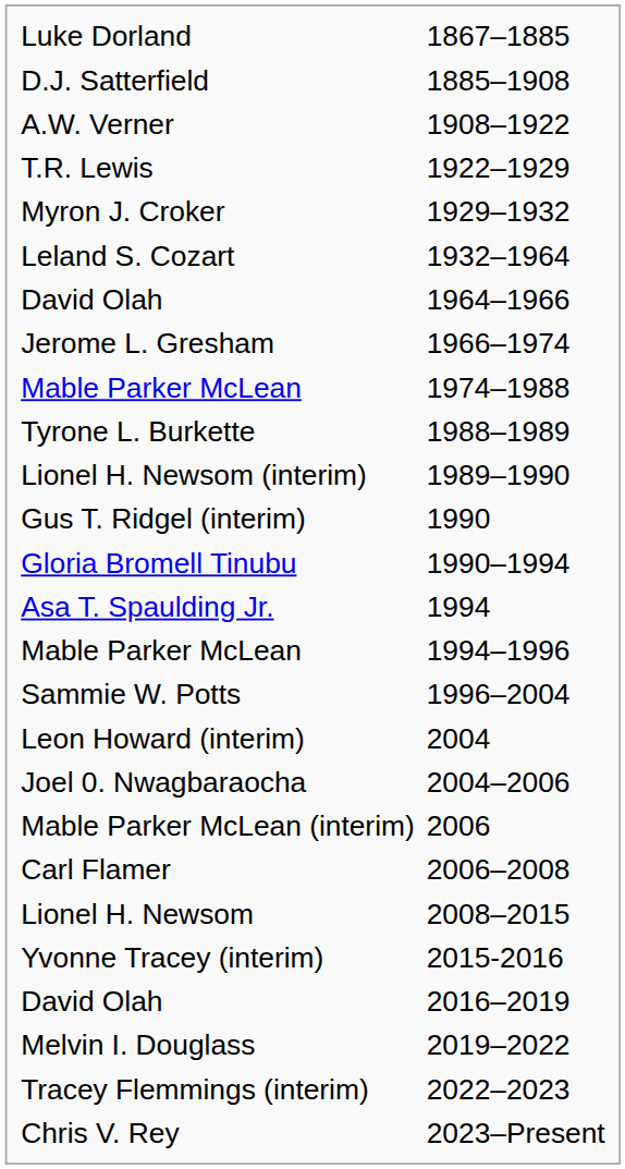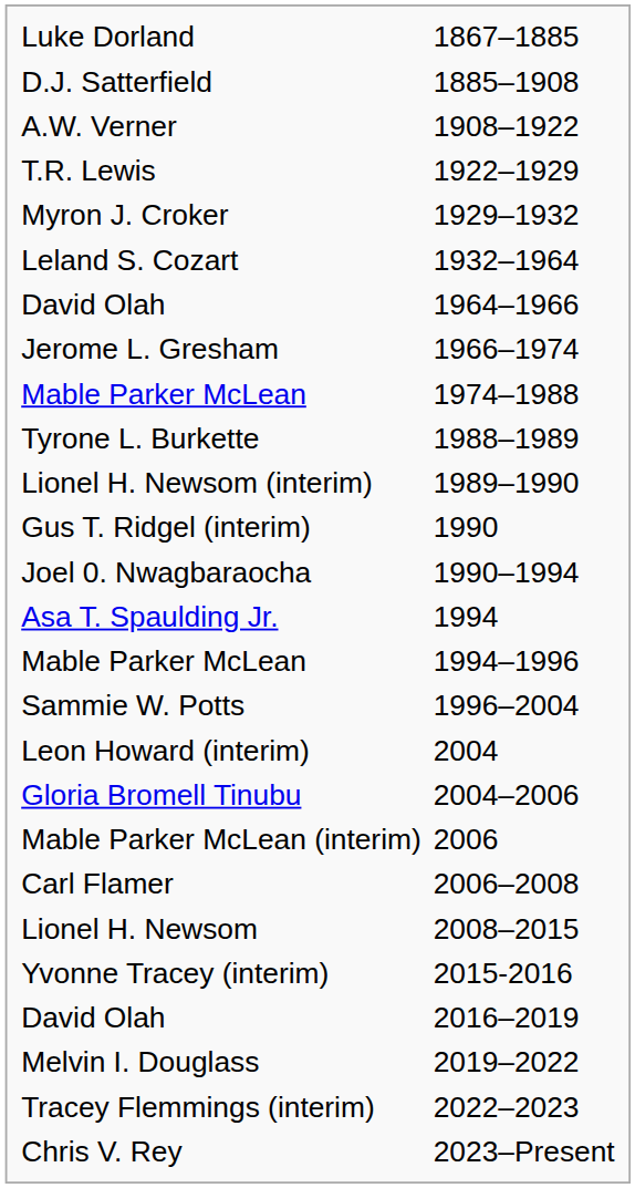 <table class="infobox" cellpadding="2" cellspacing="2" style="font-size: 90%;">
 <tr>
 <td>Luke Dorland</td>
 <td>1867–1885</td>
 </tr>
 <tr>
 <td>D.J. Satterfield</td>
 <td>1885–1908</td>
 </tr>
 <tr>
 <td>A.W. Verner</td>
 <td>1908–1922</td>
 </tr>
 <tr>
 <td>T.R. Lewis</td>
 <td>1922–1929</td>
 </tr>
 <tr>
 <td>Myron J. Croker</td>
 <td>1929–1932</td>
 </tr>
 <tr>
 <td>Leland S. Cozart</td>
 <td>1932–1964</td>
 </tr>
 <tr>
 <td>David Olah</td>
 <td>1964–1966</td>
 </tr>
 <tr>
 <td>Jerome L. Gresham</td>
 <td>1966–1974</td>
 </tr>
 <tr>
 <td><a href='#'>Mable Parker McLean</a></td>
 <td>1974–1988</td>
 </tr>
 <tr>
 <td>Tyrone L. Burkette</td>
 <td>1988–1989</td>
 </tr>
 <tr>
 <td>Lionel H. Newsom (interim)</td>
 <td>1989–1990</td>
 </tr>
 <tr>
 <td>Gus T. Ridgel (interim)</td>
 <td>1990</td>
 </tr>
 <tr>
-<td><a href='#'>Gloria Bromell Tinubu</a></td>
+<td>Joel 0. Nwagbaraocha</td>
 <td>1990–1994</td>
 </tr>
 <tr>
 <td><a href='#'>Asa T. Spaulding Jr.</a></td>
 <td>1994</td>
 </tr>
 <tr>
 <td>Mable Parker McLean</td>
 <td>1994–1996</td>
 </tr>
 <tr>
 <td>Sammie W. Potts</td>
 <td>1996–2004</td>
 </tr>
 <tr>
 <td>Leon Howard (interim)</td>
 <td>2004</td>
 </tr>
 <tr>
-<td>Joel 0. Nwagbaraocha</td>
+<td><a href='#'>Gloria Bromell Tinubu</a></td>
 <td>2004–2006</td>
 </tr>
 <tr>
 <td>Mable Parker McLean (interim)</td>
 <td>2006</td>
 </tr>
 <tr>
 <td>Carl Flamer</td>
 <td>2006–2008</td>
 </tr>
 <tr>
 <td>Lionel H. Newsom</td>
 <td>2008–2015</td>
 </tr>
 <tr>
 <td>Yvonne Tracey (interim)</td>
 <td>2015-2016</td>
 </tr>
 <tr>
 <td>David Olah</td>
 <td>2016–2019</td>
 </tr>
 <tr>
 <td>Melvin I. Douglass</td>
 <td>2019–2022</td>
 </tr>
 <tr>
 <td>Tracey Flemmings (interim)</td>
 <td>2022–2023</td>
 </tr>
 <tr>
 <td>Chris V. Rey</td>
 <td>2023–Present</td>
 </tr>
 </table>
